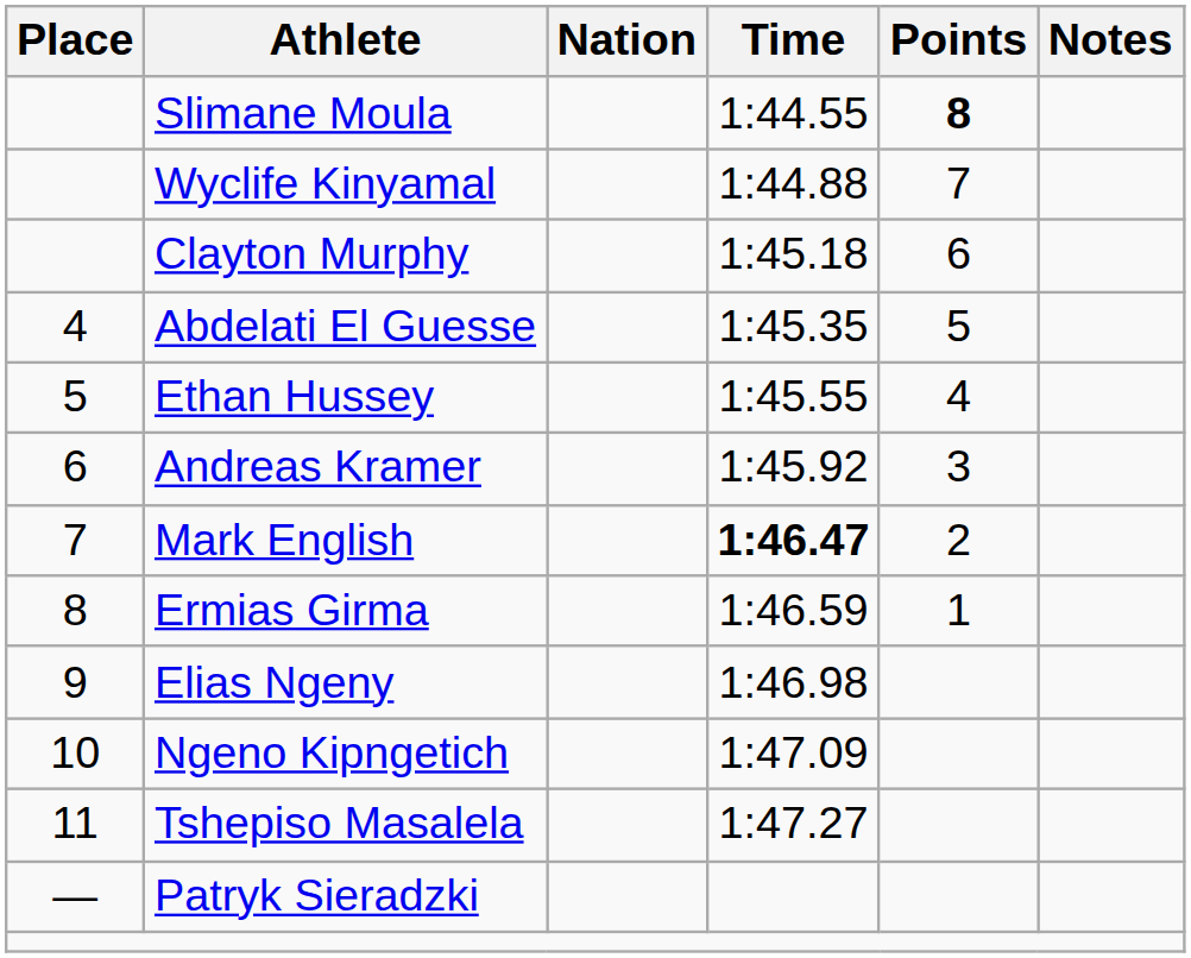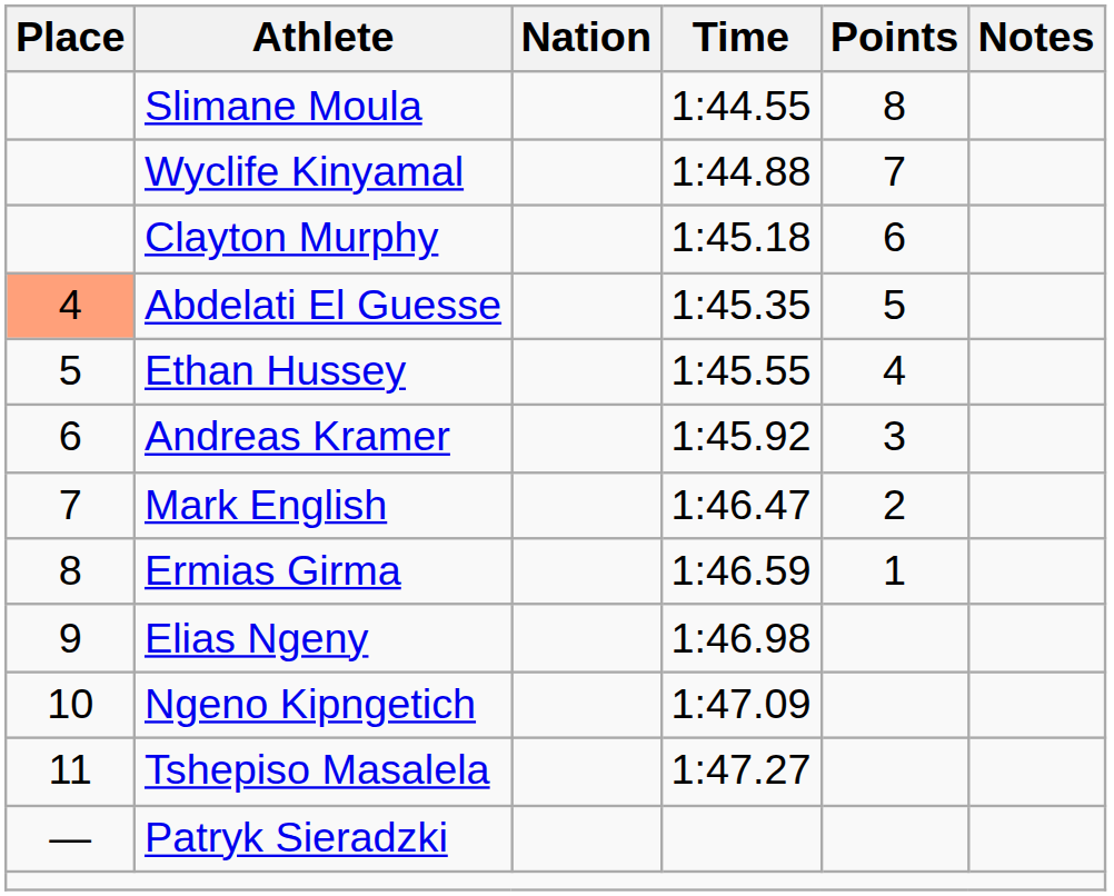 <table class="wikitable mw-datatable sortable" style="text-align:center;">
 <tr>
 <th scope="col">Place</th>
 <th scope="col">Athlete</th>
 <th scope="col">Nation</th>
 <th scope="col">Time</th>
 <th scope="col">Points</th>
 <th scope="col">Notes</th>
 </tr>
 <tr>
 <td></td>
 <td align="left"><a href='#'>Slimane Moula</a></td>
 <td align="left"></td>
 <td>1:44.55</td>
-<td><strong>8</strong></td>
+<td>8</td>
 <td></td>
 </tr>
 <tr>
 <td></td>
 <td align="left"><a href='#'>Wyclife Kinyamal</a></td>
 <td align="left"></td>
 <td>1:44.88</td>
 <td>7</td>
 <td></td>
 </tr>
 <tr>
 <td></td>
 <td align="left"><a href='#'>Clayton Murphy</a></td>
 <td align="left"></td>
 <td>1:45.18</td>
 <td>6</td>
 <td></td>
 </tr>
 <tr>
-<td>4</td>
+<td style="background: lightsalmon;">4</td>
 <td align="left"><a href='#'>Abdelati El Guesse</a></td>
 <td align="left"></td>
 <td>1:45.35</td>
 <td>5</td>
 <td></td>
 </tr>
 <tr>
 <td>5</td>
 <td align="left"><a href='#'>Ethan Hussey</a></td>
 <td align="left"></td>
 <td>1:45.55</td>
 <td>4</td>
 <td></td>
 </tr>
 <tr>
 <td>6</td>
 <td align="left"><a href='#'>Andreas Kramer</a></td>
 <td align="left"></td>
 <td>1:45.92</td>
 <td>3</td>
 <td></td>
 </tr>
 <tr>
 <td>7</td>
 <td align="left"><a href='#'>Mark English</a></td>
 <td align="left"></td>
-<td><strong>1:46.47</strong></td>
+<td>1:46.47</td>
 <td>2</td>
 <td></td>
 </tr>
 <tr>
 <td>8</td>
 <td align="left"><a href='#'>Ermias Girma</a></td>
 <td align="left"></td>
 <td>1:46.59</td>
 <td>1</td>
 <td></td>
 </tr>
 <tr>
 <td>9</td>
 <td align="left"><a href='#'>Elias Ngeny</a></td>
 <td align="left"></td>
 <td>1:46.98</td>
 <td></td>
 <td></td>
 </tr>
 <tr>
 <td>10</td>
 <td align="left"><a href='#'>Ngeno Kipngetich</a></td>
 <td align="left"></td>
 <td>1:47.09</td>
 <td></td>
 <td></td>
 </tr>
 <tr>
 <td>11</td>
 <td align="left"><a href='#'>Tshepiso Masalela</a></td>
 <td align="left"></td>
 <td>1:47.27</td>
 <td></td>
 <td></td>
 </tr>
 <tr>
 <td>—</td>
 <td align="left"><a href='#'>Patryk Sieradzki</a></td>
 <td align="left"></td>
 <td></td>
 <td></td>
 <td></td>
 </tr>
 <tr class="sortbottom">
 <td colspan="6"></td>
 </tr>
 </table>
